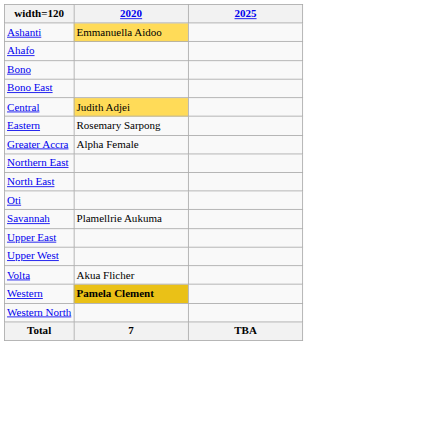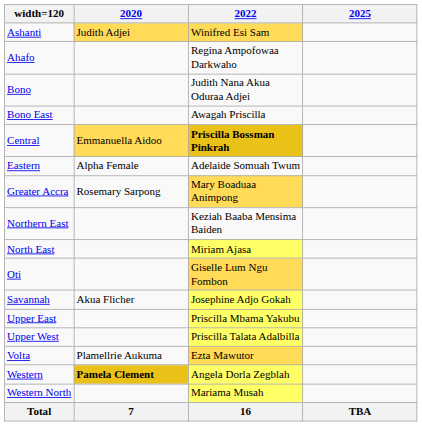 <table class="wikitable" style="font-size: 82%">
 <tr>
 <th>width=120 </th>
 <th ! width=130><a href='#'>2020</a></th>
+<th ! width=130><a href='#'>2022</a></th>
 <th ! width=130><a href='#'>2025</a></th>
 </tr>
 <tr>
 <td><a href='#'>Ashanti</a></td>
-<td bgcolor=#FFDB58>Emmanuella Aidoo</td>
+<td bgcolor=#FFDB58>Judith Adjei</td>
+<td bgcolor=#FFDB58>Winifred Esi Sam</td>
 <td></td>
 </tr>
 <tr>
 <td><a href='#'>Ahafo</a></td>
 <td></td>
+<td>Regina Ampofowaa Darkwaho</td>
 <td></td>
 </tr>
 <tr>
 <td><a href='#'>Bono</a></td>
 <td></td>
+<td>Judith Nana Akua Oduraa Adjei</td>
 <td></td>
 </tr>
 <tr>
 <td><a href='#'>Bono East</a></td>
 <td></td>
+<td>Awagah Priscilla</td>
 <td></td>
 </tr>
 <tr>
 <td><a href='#'>Central</a></td>
-<td bgcolor=#FFDB58>Judith Adjei</td>
+<td bgcolor=#FFDB58>Emmanuella Aidoo</td>
+<td bgcolor=#EAC117><strong>Priscilla Bossman Pinkrah</strong></td>
 <td></td>
 </tr>
 <tr>
 <td><a href='#'>Eastern</a></td>
-<td>Rosemary Sarpong</td>
+<td>Alpha Female</td>
+<td>Adelaide Somuah Twum</td>
 <td></td>
 </tr>
 <tr>
 <td><a href='#'>Greater Accra</a></td>
-<td>Alpha Female</td>
+<td>Rosemary Sarpong</td>
+<td bgcolor=#FFDB58>Mary Boaduaa Animpong</td>
 <td></td>
 </tr>
 <tr>
 <td><a href='#'>Northern East</a></td>
 <td></td>
+<td>Keziah Baaba Mensima Baiden</td>
 <td></td>
 </tr>
 <tr>
 <td><a href='#'>North East</a></td>
 <td></td>
+<td bgcolor=#FFFF66>Miriam Ajasa</td>
 <td></td>
 </tr>
 <tr>
 <td><a href='#'>Oti</a></td>
 <td></td>
+<td bgcolor=#FFDB58>Giselle Lum Ngu Fombon</td>
 <td></td>
 </tr>
 <tr>
 <td><a href='#'>Savannah</a></td>
-<td>Plamellrie Aukuma</td>
+<td>Akua Flicher</td>
+<td bgcolor=#FFFF66>Josephine Adjo Gokah</td>
 <td></td>
 </tr>
 <tr>
 <td><a href='#'>Upper East</a></td>
 <td></td>
+<td bgcolor=#FFFF66>Priscilla Mbama Yakubu</td>
 <td></td>
 </tr>
 <tr>
 <td><a href='#'>Upper West</a></td>
 <td></td>
+<td bgcolor=#FFFF66>Priscilla Talata Adalbilla</td>
 <td></td>
 </tr>
 <tr>
 <td><a href='#'>Volta</a></td>
-<td>Akua Flicher</td>
+<td>Plamellrie Aukuma</td>
+<td bgcolor=#FFDB58>Ezta Mawutor</td>
 <td></td>
 </tr>
 <tr>
 <td><a href='#'>Western</a></td>
 <td bgcolor=#EAC117><strong>Pamela Clement</strong></td>
+<td bgcolor=#FFFF66>Angela Dorla Zegblah</td>
 <td></td>
 </tr>
 <tr>
 <td><a href='#'>Western North</a></td>
 <td></td>
+<td bgcolor=#FFFF66>Mariama Musah</td>
 <td></td>
 </tr>
 <tr>
 <th>Total</th>
 <th>7</th>
+<th>16</th>
 <th>TBA</th>
 </tr>
 </table>
